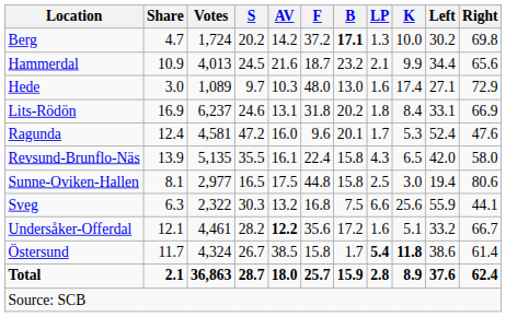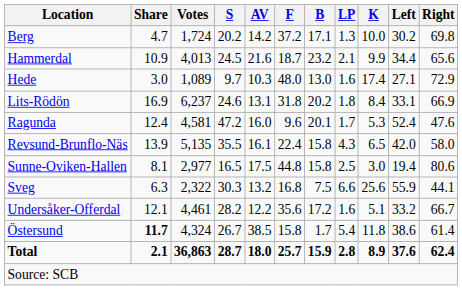 <table class="wikitable sortable" style=text-align:right>
 <tr>
 <th>Location</th>
 <th>Share</th>
 <th>Votes</th>
 <th><a href='#'>S</a></th>
 <th><a href='#'>AV</a></th>
 <th><a href='#'>F</a></th>
 <th><a href='#'>B</a></th>
 <th><a href='#'>LP</a></th>
 <th><a href='#'>K</a></th>
 <th>Left</th>
 <th>Right</th>
 </tr>
 <tr>
 <td align=left><a href='#'>Berg</a></td>
 <td>4.7</td>
 <td>1,724</td>
 <td>20.2</td>
 <td>14.2</td>
 <td>37.2</td>
-<td><strong>17.1</strong></td>
+<td>17.1</td>
 <td>1.3</td>
 <td>10.0</td>
 <td>30.2</td>
 <td>69.8</td>
 </tr>
 <tr>
 <td align=left><a href='#'>Hammerdal</a></td>
 <td>10.9</td>
 <td>4,013</td>
 <td>24.5</td>
 <td>21.6</td>
 <td>18.7</td>
 <td>23.2</td>
 <td>2.1</td>
 <td>9.9</td>
 <td>34.4</td>
 <td>65.6</td>
 </tr>
 <tr>
 <td align=left><a href='#'>Hede</a></td>
 <td>3.0</td>
 <td>1,089</td>
 <td>9.7</td>
 <td>10.3</td>
 <td>48.0</td>
 <td>13.0</td>
 <td>1.6</td>
 <td>17.4</td>
 <td>27.1</td>
 <td>72.9</td>
 </tr>
 <tr>
 <td align=left><a href='#'>Lits-Rödön</a></td>
 <td>16.9</td>
 <td>6,237</td>
 <td>24.6</td>
 <td>13.1</td>
 <td>31.8</td>
 <td>20.2</td>
 <td>1.8</td>
 <td>8.4</td>
 <td>33.1</td>
 <td>66.9</td>
 </tr>
 <tr>
 <td align=left><a href='#'>Ragunda</a></td>
 <td>12.4</td>
 <td>4,581</td>
 <td>47.2</td>
 <td>16.0</td>
 <td>9.6</td>
 <td>20.1</td>
 <td>1.7</td>
 <td>5.3</td>
 <td>52.4</td>
 <td>47.6</td>
 </tr>
 <tr>
 <td align=left><a href='#'>Revsund-Brunflo-Näs</a></td>
 <td>13.9</td>
 <td>5,135</td>
 <td>35.5</td>
 <td>16.1</td>
 <td>22.4</td>
 <td>15.8</td>
 <td>4.3</td>
 <td>6.5</td>
 <td>42.0</td>
 <td>58.0</td>
 </tr>
 <tr>
 <td align=left><a href='#'>Sunne-Oviken-Hallen</a></td>
 <td>8.1</td>
 <td>2,977</td>
 <td>16.5</td>
 <td>17.5</td>
 <td>44.8</td>
 <td>15.8</td>
 <td>2.5</td>
 <td>3.0</td>
 <td>19.4</td>
 <td>80.6</td>
 </tr>
 <tr>
 <td align=left><a href='#'>Sveg</a></td>
 <td>6.3</td>
 <td>2,322</td>
 <td>30.3</td>
 <td>13.2</td>
 <td>16.8</td>
 <td>7.5</td>
 <td>6.6</td>
 <td>25.6</td>
 <td>55.9</td>
 <td>44.1</td>
 </tr>
 <tr>
 <td align=left><a href='#'>Undersåker-Offerdal</a></td>
 <td>12.1</td>
 <td>4,461</td>
 <td>28.2</td>
-<td><strong>12.2</strong></td>
+<td>12.2</td>
 <td>35.6</td>
 <td>17.2</td>
 <td>1.6</td>
 <td>5.1</td>
 <td>33.2</td>
 <td>66.7</td>
 </tr>
 <tr>
 <td align=left><a href='#'>Östersund</a></td>
-<td>11.7</td>
+<td><strong>11.7</strong></td>
 <td>4,324</td>
 <td>26.7</td>
 <td>38.5</td>
 <td>15.8</td>
 <td>1.7</td>
-<td><strong>5.4</strong></td>
-<td><strong>11.8</strong></td>
+<td>5.4</td>
+<td>11.8</td>
 <td>38.6</td>
 <td>61.4</td>
 </tr>
 <tr>
 <td align=left><strong>Total</strong></td>
 <td><strong>2.1</strong></td>
 <td><strong>36,863</strong></td>
 <td><strong>28.7</strong></td>
 <td><strong>18.0</strong></td>
 <td><strong>25.7</strong></td>
 <td><strong>15.9</strong></td>
 <td><strong>2.8</strong></td>
 <td><strong>8.9</strong></td>
 <td><strong>37.6</strong></td>
 <td><strong>62.4</strong></td>
 </tr>
 <tr>
 <td align=left colspan=11>Source: SCB </td>
 </tr>
 </table>
